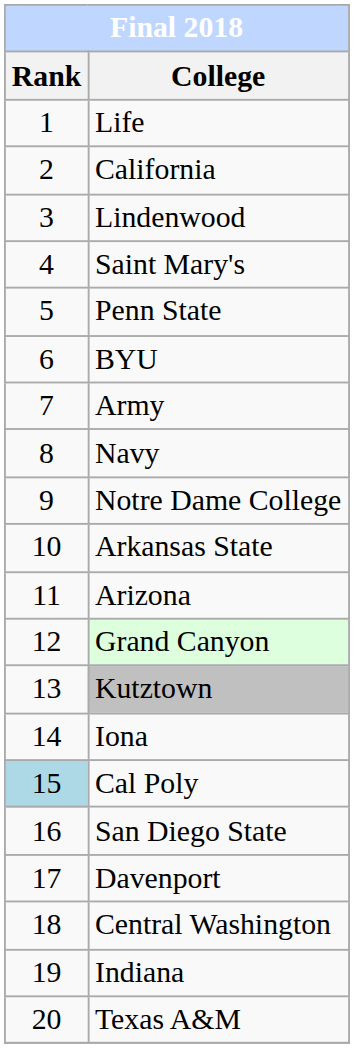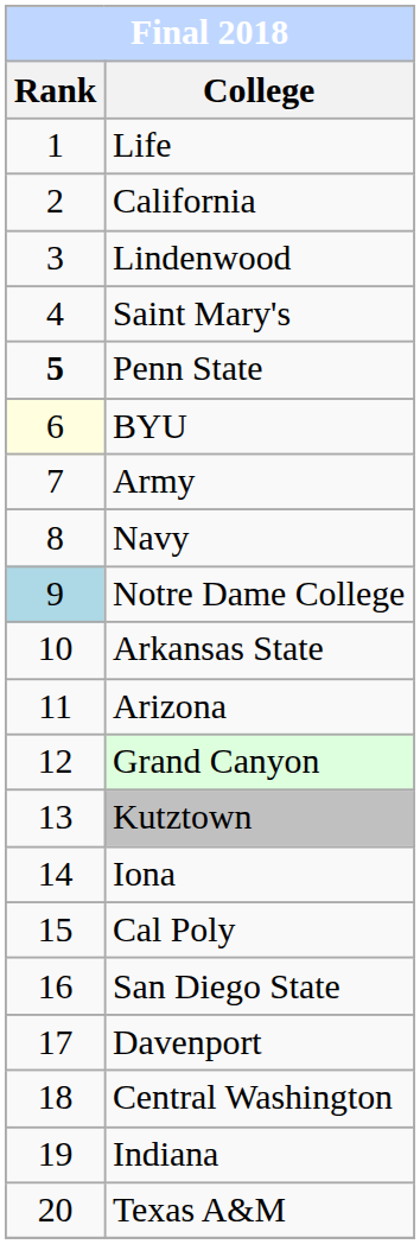 <table class="wikitable sortable collapsible collapsed">
 <tr>
 <th colspan=2 style="background:#BFD7FF;color:white">Final 2018</th>
 </tr>
 <tr>
 <th>Rank</th>
 <th>College</th>
 </tr>
 <tr>
 <td align="center ">1</td>
 <td>Life</td>
 </tr>
 <tr>
 <td align="center ">2</td>
 <td>California</td>
 </tr>
 <tr>
 <td align="center ">3</td>
 <td>Lindenwood</td>
 </tr>
 <tr>
 <td align="center ">4</td>
 <td>Saint Mary's</td>
 </tr>
 <tr>
-<td align="center ">5</td>
+<td align="center "><strong>5</strong></td>
 <td>Penn State</td>
 </tr>
 <tr>
-<td align="center ">6</td>
+<td align="center " style="background: lightyellow;">6</td>
 <td>BYU</td>
 </tr>
 <tr>
 <td align="center ">7</td>
 <td>Army</td>
 </tr>
 <tr>
 <td align="center ">8</td>
 <td>Navy</td>
 </tr>
 <tr>
-<td align="center ">9</td>
+<td align="center " style="background: lightblue;">9</td>
 <td>Notre Dame College</td>
 </tr>
 <tr>
 <td align="center ">10</td>
 <td>Arkansas State</td>
 </tr>
 <tr>
 <td align="center ">11</td>
 <td>Arizona</td>
 </tr>
 <tr>
 <td align="center ">12</td>
 <td style="background:#dfd;">Grand Canyon</td>
 </tr>
 <tr>
 <td align="center ">13</td>
 <td style="background:silver">Kutztown</td>
 </tr>
 <tr>
 <td align="center ">14</td>
 <td>Iona</td>
 </tr>
 <tr>
-<td align="center " style="background: lightblue;">15</td>
+<td align="center ">15</td>
 <td>Cal Poly</td>
 </tr>
 <tr>
 <td align="center ">16</td>
 <td>San Diego State</td>
 </tr>
 <tr>
 <td align="center ">17</td>
 <td>Davenport</td>
 </tr>
 <tr>
 <td align="center ">18</td>
 <td>Central Washington</td>
 </tr>
 <tr>
 <td align="center ">19</td>
 <td>Indiana</td>
 </tr>
 <tr>
 <td align="center ">20</td>
 <td>Texas A&M</td>
 </tr>
 <tr>
 </tr>
 </table>
